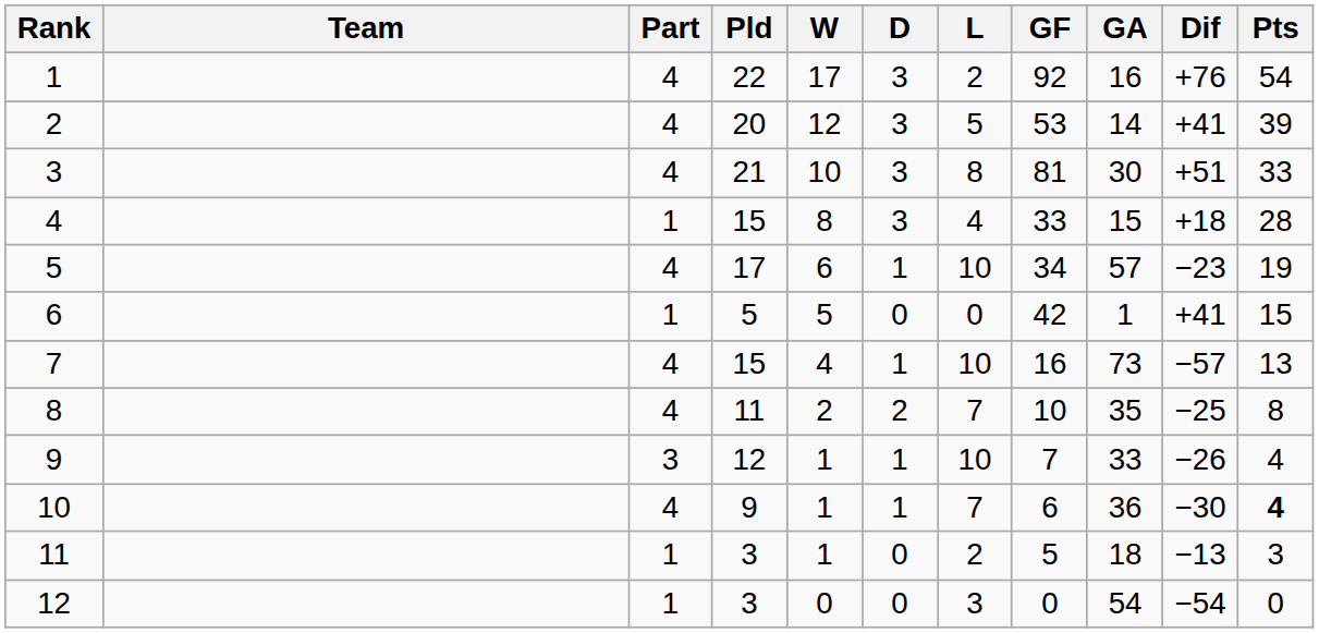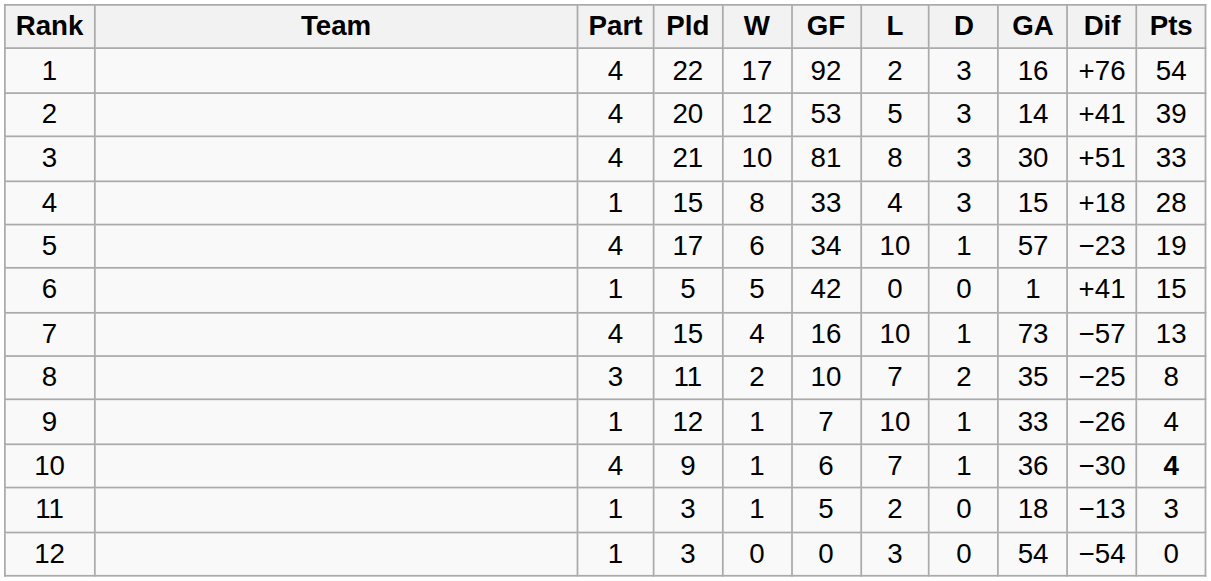 <table class="wikitable sortable" width=55% style="text-align:center">
 <tr>
 <th width=5%>Rank</th>
 <th width=35%>Team</th>
 <th width=5%>Part</th>
 <th width=5%>Pld</th>
 <th width=5%>W</th>
+<th width=5%>GF</th>
+<th width=5%>L</th>
 <th width=5%>D</th>
-<th width=5%>L</th>
-<th width=5%>GF</th>
 <th width=5%>GA</th>
 <th width=5%>Dif</th>
 <th width=5%>Pts</th>
 </tr>
 <tr>
 <td>1</td>
 <td style="text-align:left;"></td>
 <td>4</td>
 <td>22</td>
 <td>17</td>
+<td>92</td>
+<td>2</td>
 <td>3</td>
-<td>2</td>
-<td>92</td>
 <td>16</td>
 <td>+76</td>
 <td>54</td>
 </tr>
 <tr>
 <td>2</td>
 <td style="text-align:left;"></td>
 <td>4</td>
 <td>20</td>
 <td>12</td>
+<td>53</td>
+<td>5</td>
 <td>3</td>
-<td>5</td>
-<td>53</td>
 <td>14</td>
 <td>+41</td>
 <td>39</td>
 </tr>
 <tr>
 <td>3</td>
 <td style="text-align:left;"></td>
 <td>4</td>
 <td>21</td>
 <td>10</td>
+<td>81</td>
+<td>8</td>
 <td>3</td>
-<td>8</td>
-<td>81</td>
 <td>30</td>
 <td>+51</td>
 <td>33</td>
 </tr>
 <tr>
 <td>4</td>
 <td style="text-align:left;"></td>
 <td>1</td>
 <td>15</td>
 <td>8</td>
+<td>33</td>
+<td>4</td>
 <td>3</td>
-<td>4</td>
-<td>33</td>
 <td>15</td>
 <td>+18</td>
 <td>28</td>
 </tr>
 <tr>
 <td>5</td>
 <td style="text-align:left;"></td>
 <td>4</td>
 <td>17</td>
 <td>6</td>
+<td>34</td>
+<td>10</td>
 <td>1</td>
-<td>10</td>
-<td>34</td>
 <td>57</td>
 <td>−23</td>
 <td>19</td>
 </tr>
 <tr>
 <td>6</td>
 <td style="text-align:left;"></td>
 <td>1</td>
 <td>5</td>
 <td>5</td>
+<td>42</td>
 <td>0</td>
 <td>0</td>
-<td>42</td>
 <td>1</td>
 <td>+41</td>
 <td>15</td>
 </tr>
 <tr>
 <td>7</td>
 <td style="text-align:left;"></td>
 <td>4</td>
 <td>15</td>
 <td>4</td>
+<td>16</td>
+<td>10</td>
 <td>1</td>
-<td>10</td>
-<td>16</td>
 <td>73</td>
 <td>−57</td>
 <td>13</td>
 </tr>
 <tr>
 <td>8</td>
 <td style="text-align:left;"></td>
-<td>4</td>
+<td>3</td>
 <td>11</td>
 <td>2</td>
+<td>10</td>
+<td>7</td>
 <td>2</td>
-<td>7</td>
-<td>10</td>
 <td>35</td>
 <td>−25</td>
 <td>8</td>
 </tr>
 <tr>
 <td>9</td>
 <td style="text-align:left;"></td>
-<td>3</td>
+<td>1</td>
 <td>12</td>
 <td>1</td>
+<td>7</td>
+<td>10</td>
 <td>1</td>
-<td>10</td>
-<td>7</td>
 <td>33</td>
 <td>−26</td>
 <td>4</td>
 </tr>
 <tr>
 <td>10</td>
 <td style="text-align:left;"></td>
 <td>4</td>
 <td>9</td>
 <td>1</td>
+<td>6</td>
+<td>7</td>
 <td>1</td>
-<td>7</td>
-<td>6</td>
 <td>36</td>
 <td>−30</td>
 <td><strong>4</strong></td>
 </tr>
 <tr>
 <td>11</td>
 <td style="text-align:left;"></td>
 <td>1</td>
 <td>3</td>
 <td>1</td>
+<td>5</td>
+<td>2</td>
 <td>0</td>
-<td>2</td>
-<td>5</td>
 <td>18</td>
 <td>−13</td>
 <td>3</td>
 </tr>
 <tr>
 <td>12</td>
 <td style="text-align:left;'"></td>
 <td>1</td>
 <td>3</td>
 <td>0</td>
 <td>0</td>
 <td>3</td>
 <td>0</td>
 <td>54</td>
 <td>−54</td>
 <td>0</td>
 </tr>
 </table>
